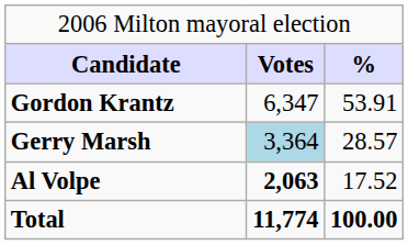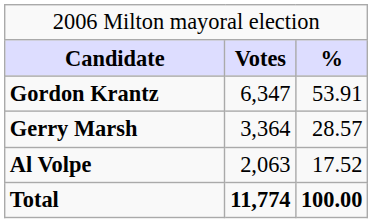 <table class="wikitable sortable">
 <tr>
 <td colspan="3" style="text-align:center;">2006 Milton mayoral election</td>
 </tr>
 <tr>
 <th style="background:#ddf; width:150px;">Candidate</th>
 <th style="background:#ddf;">Votes</th>
 <th style="background:#ddf;">%</th>
 </tr>
 <tr>
 <td><strong>Gordon Krantz</strong></td>
 <td align=right>6,347</td>
 <td align=right>53.91</td>
 </tr>
 <tr>
 <td><strong>Gerry Marsh</strong></td>
-<td align=right style="background: lightblue;">3,364</td>
+<td align=right>3,364</td>
 <td align=right>28.57</td>
 </tr>
 <tr>
 <td><strong>Al Volpe</strong></td>
-<td align=right><strong>2,063</strong></td>
+<td align=right>2,063</td>
 <td align=right>17.52</td>
 </tr>
 <tr>
 <td><strong>Total</strong></td>
 <td align=right><strong>11,774</strong></td>
 <td align=right><strong>100.00</strong></td>
 </tr>
 </table>
